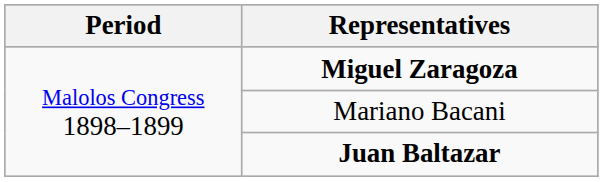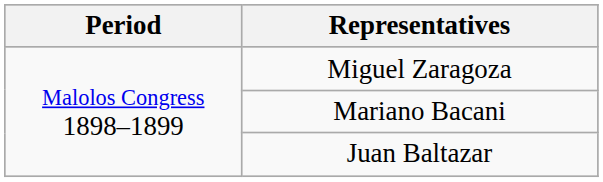 <table class="wikitable" style="text-align:center; width:40%;">
 <tr>
 <th width="40%">Period</th>
 <th>Representatives</th>
 </tr>
 <tr>
 <td rowspan="4"><small><a href='#'>Malolos Congress</a></small><br>1898–1899</td>
-<td><strong>Miguel Zaragoza</strong></td>
+<td>Miguel Zaragoza</td>
 </tr>
 <tr>
 <td>Mariano Bacani</td>
 </tr>
 <tr>
-<td><strong>Juan Baltazar</strong></td>
+<td>Juan Baltazar</td>
 </tr>
 </table>
